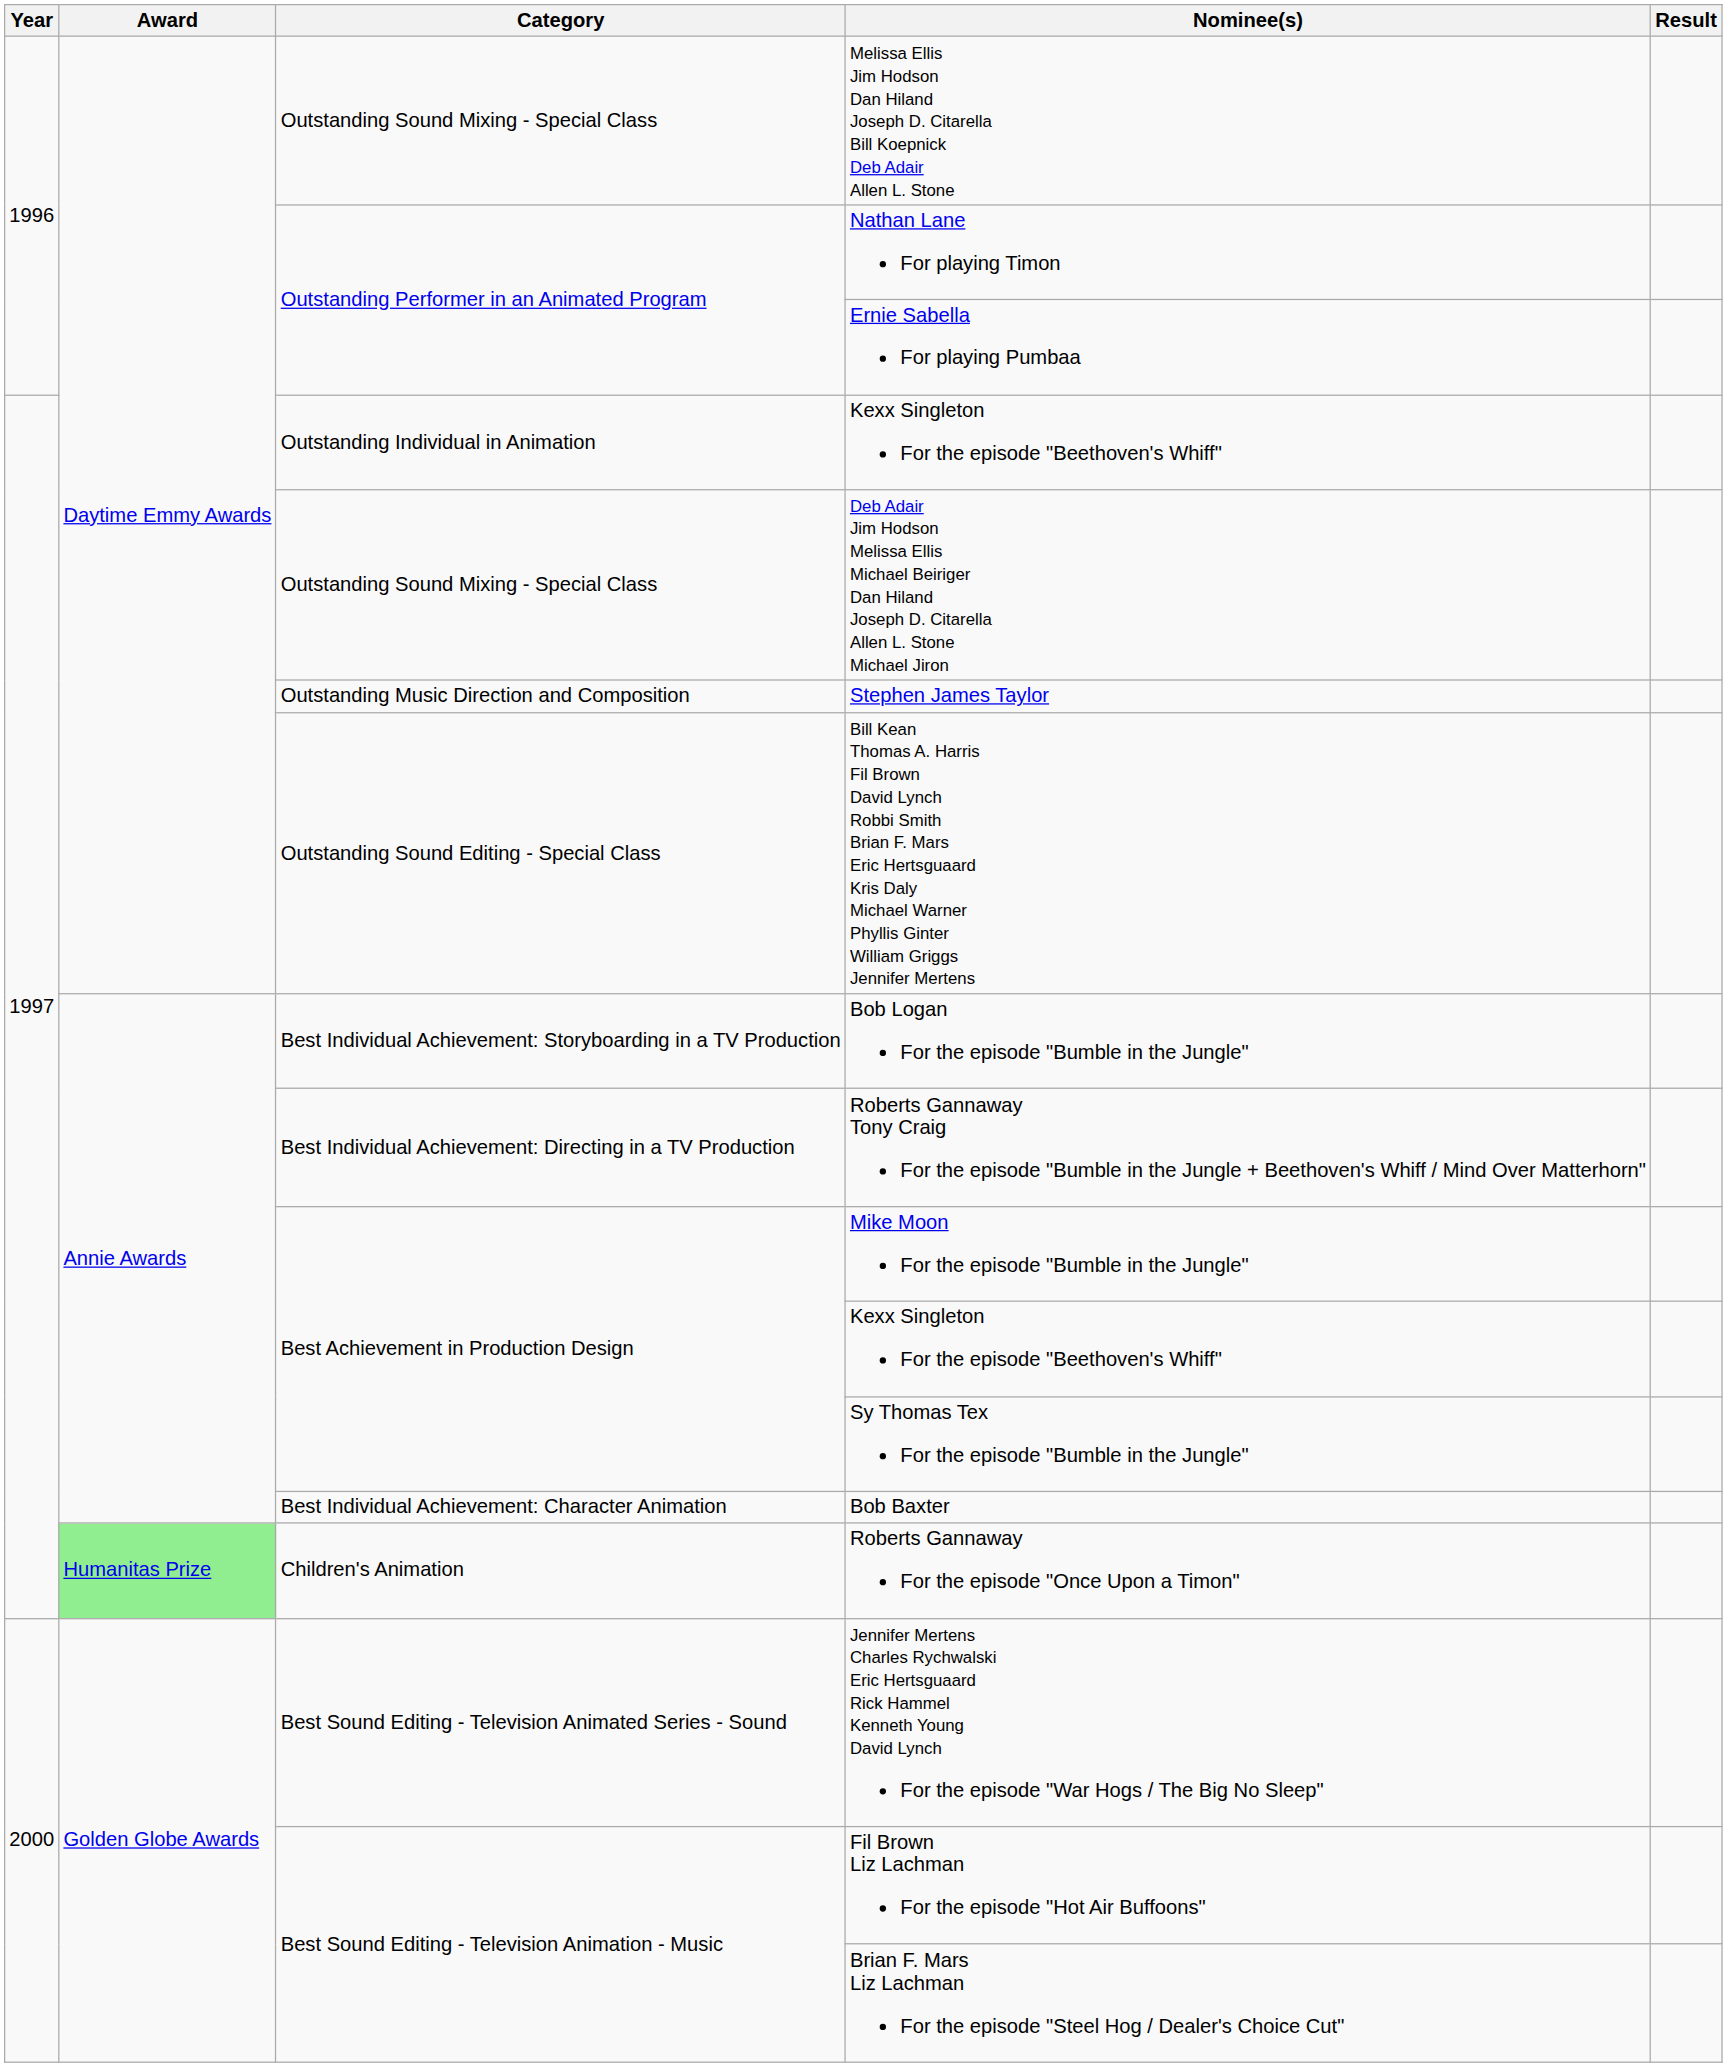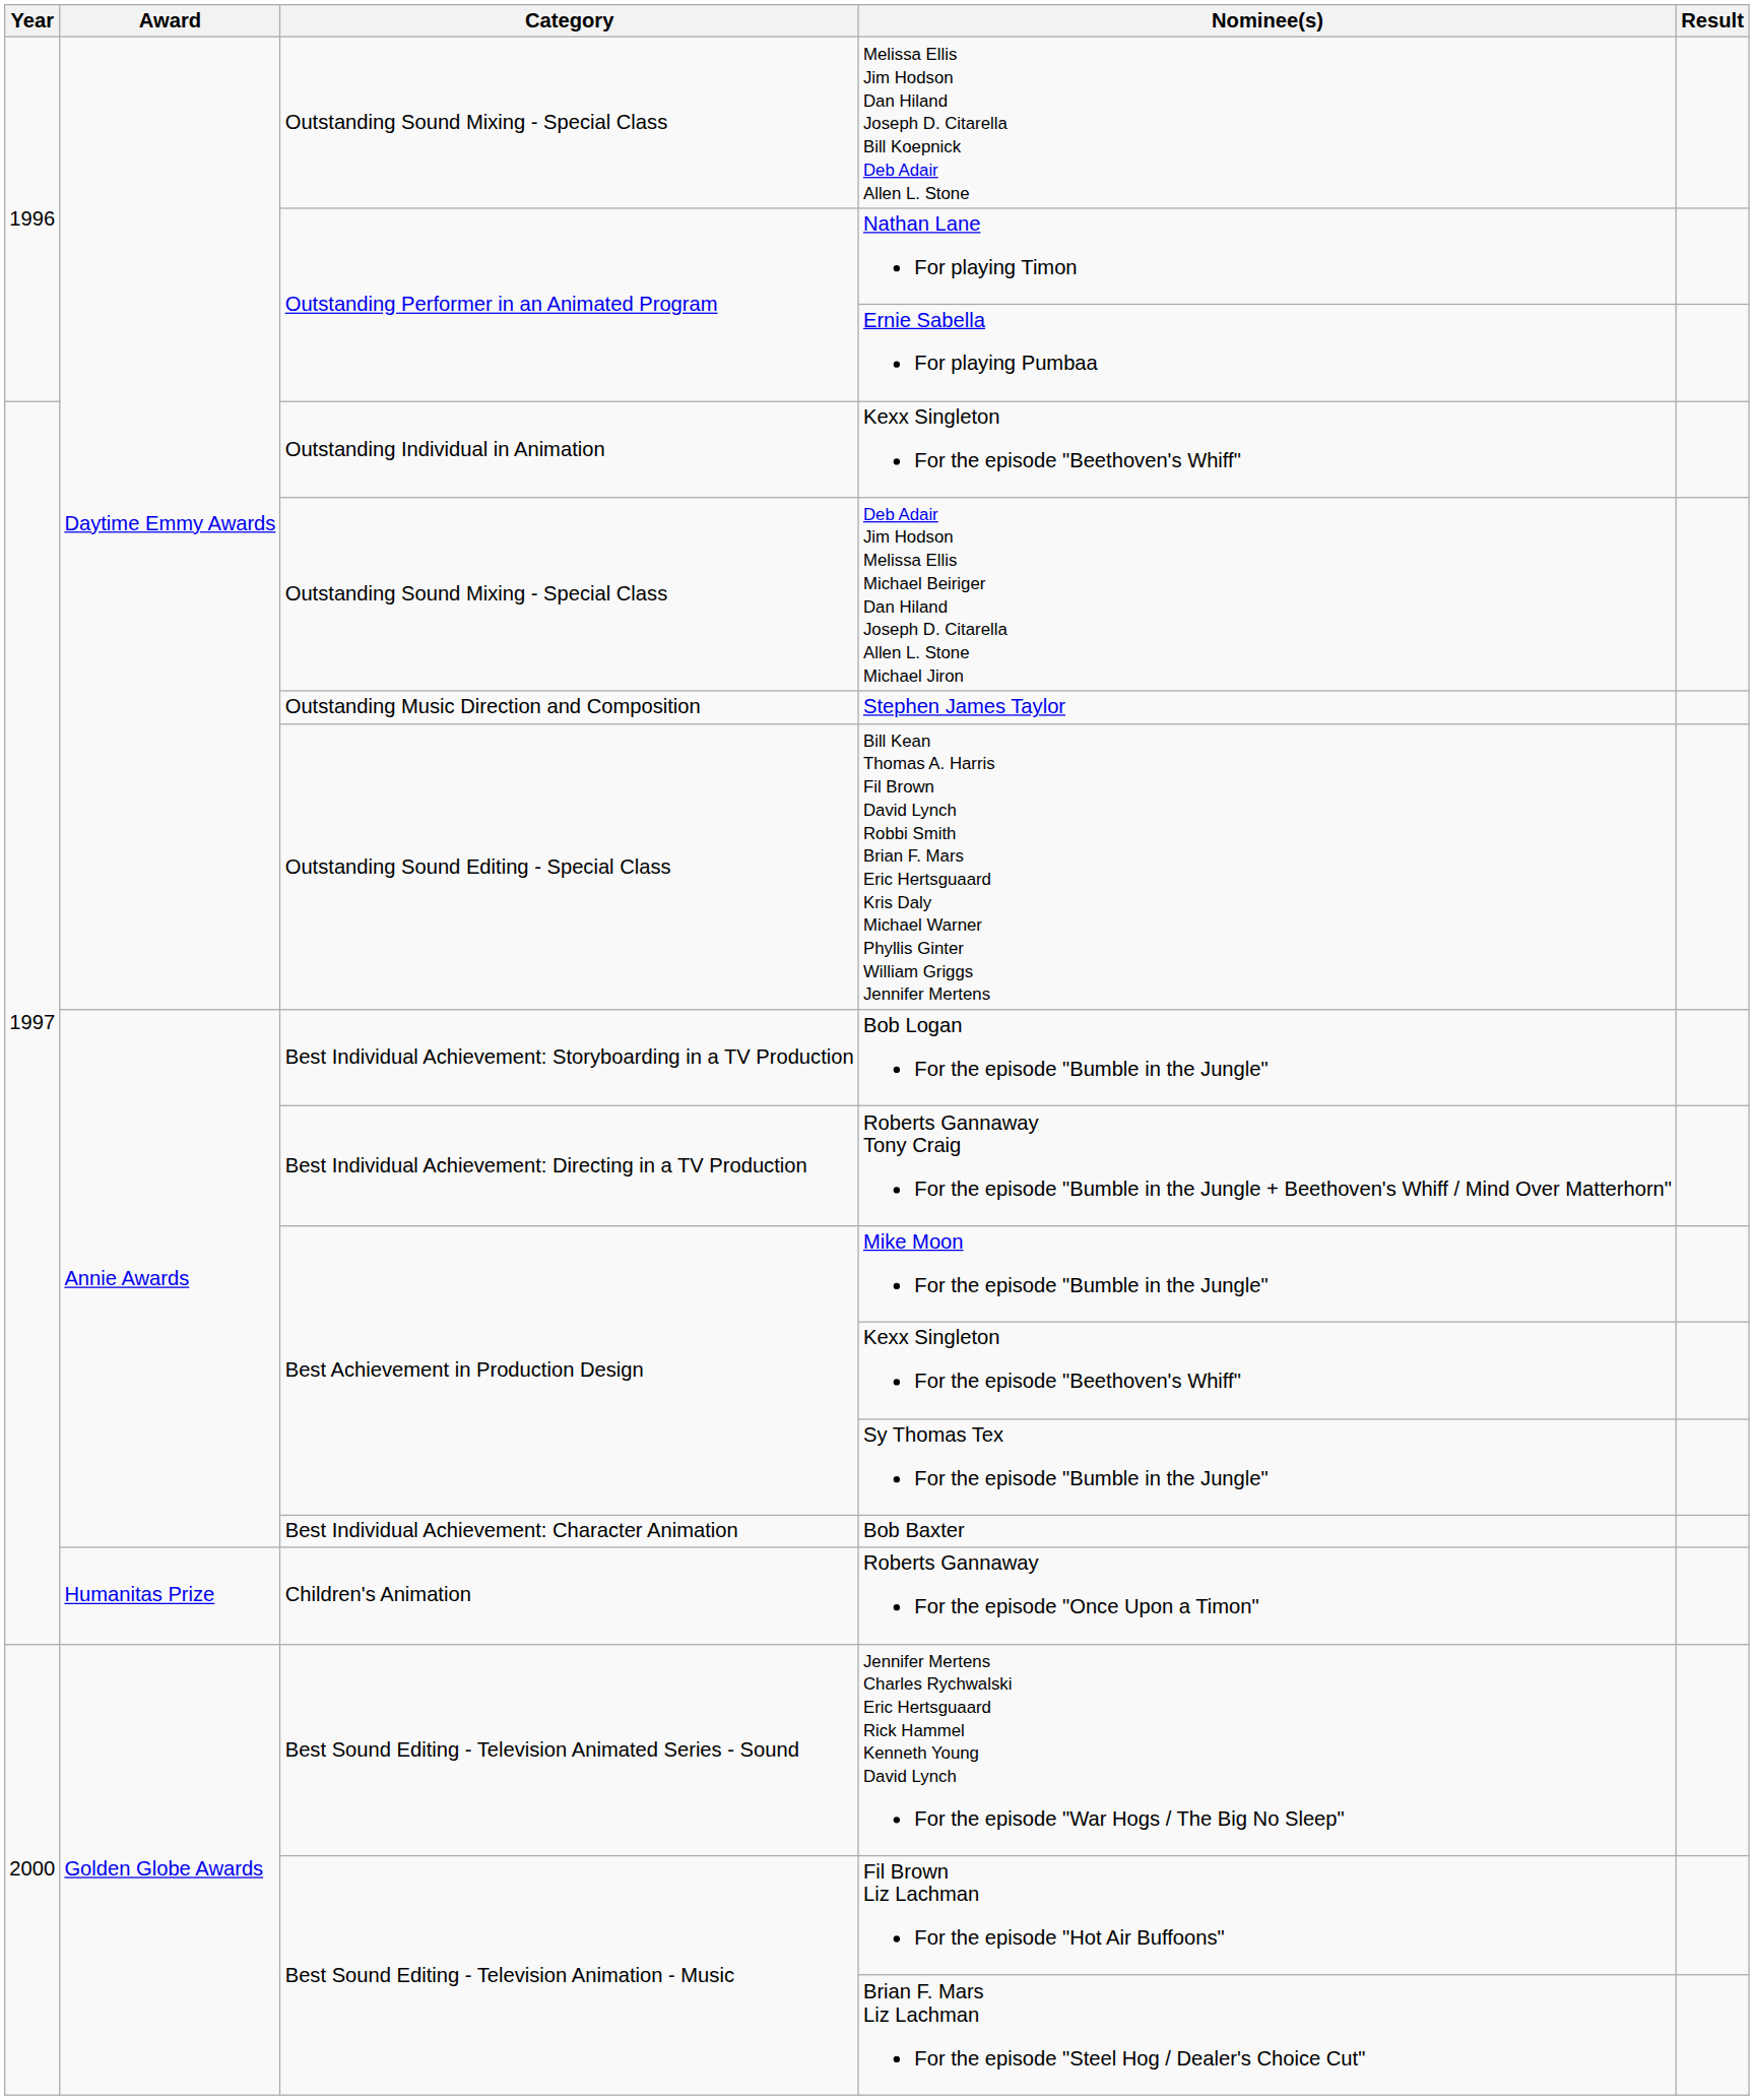 <table class="wikitable">
 <tr>
 <th>Year</th>
 <th>Award</th>
 <th>Category</th>
 <th>Nominee(s)</th>
 <th>Result</th>
 </tr>
 <tr>
 <td rowspan="3">1996</td>
 <td rowspan="7"><a href='#'>Daytime Emmy Awards</a></td>
 <td>Outstanding Sound Mixing - Special Class</td>
 <td><small>Melissa Ellis</small><br><small>Jim Hodson</small><br><small>Dan Hiland</small><br><small>Joseph D. Citarella</small><br><small>Bill Koepnick</small><br><small><a href='#'>Deb Adair</a></small><br><small>Allen L. Stone</small></td>
 <td></td>
 </tr>
 <tr>
 <td rowspan="2"><a href='#'>Outstanding Performer in an Animated Program</a></td>
 <td><a href='#'>Nathan Lane</a><br><ul><li>For playing Timon</li></ul></td>
 <td></td>
 </tr>
 <tr>
 <td><a href='#'>Ernie Sabella</a><br><ul><li>For playing Pumbaa</li></ul></td>
 <td></td>
 </tr>
 <tr>
 <td rowspan="11">1997</td>
 <td>Outstanding Individual in Animation</td>
 <td>Kexx Singleton<br><ul><li>For the episode "Beethoven's Whiff"</li></ul></td>
 <td></td>
 </tr>
 <tr>
 <td>Outstanding Sound Mixing - Special Class</td>
 <td><small><a href='#'>Deb Adair</a></small><br><small>Jim Hodson</small><br><small>Melissa Ellis</small><br><small>Michael Beiriger</small><br><small>Dan Hiland</small><br><small>Joseph D. Citarella</small><br><small>Allen L. Stone</small><br><small>Michael Jiron</small></td>
 <td></td>
 </tr>
 <tr>
 <td>Outstanding Music Direction and Composition</td>
 <td><a href='#'>Stephen James Taylor</a></td>
 <td></td>
 </tr>
 <tr>
 <td>Outstanding Sound Editing - Special Class</td>
 <td><small>Bill Kean</small><br><small>Thomas A. Harris</small><br><small>Fil Brown</small><br><small>David Lynch</small><br><small>Robbi Smith</small><br><small>Brian F. Mars</small><br><small>Eric Hertsguaard</small><br><small>Kris Daly</small><br><small>Michael Warner</small><br><small>Phyllis Ginter</small><br><small>William Griggs</small><br><small>Jennifer Mertens</small></td>
 <td></td>
 </tr>
 <tr>
 <td rowspan="6"><a href='#'>Annie Awards</a></td>
 <td>Best Individual Achievement: Storyboarding in a TV Production</td>
 <td>Bob Logan<br><ul><li>For the episode "Bumble in the Jungle"</li></ul></td>
 <td></td>
 </tr>
 <tr>
 <td>Best Individual Achievement: Directing in a TV Production</td>
 <td>Roberts Gannaway<br>Tony Craig<br><ul><li>For the episode "Bumble in the Jungle + Beethoven's Whiff / Mind Over Matterhorn"</li></ul></td>
 <td></td>
 </tr>
 <tr>
 <td rowspan="3">Best Achievement in Production Design</td>
 <td><a href='#'>Mike Moon</a><br><ul><li>For the episode "Bumble in the Jungle"</li></ul></td>
 <td></td>
 </tr>
 <tr>
 <td>Kexx Singleton<br><ul><li>For the episode "Beethoven's Whiff"</li></ul></td>
 <td></td>
 </tr>
 <tr>
 <td>Sy Thomas Tex<br><ul><li>For the episode "Bumble in the Jungle"</li></ul></td>
 <td></td>
 </tr>
 <tr>
 <td>Best Individual Achievement: Character Animation</td>
 <td>Bob Baxter</td>
 <td></td>
 </tr>
 <tr>
-<td style="background: lightgreen;"><a href='#'>Humanitas Prize</a></td>
+<td><a href='#'>Humanitas Prize</a></td>
 <td>Children's Animation</td>
 <td>Roberts Gannaway<br><ul><li>For the episode "Once Upon a Timon"</li></ul></td>
 <td></td>
 </tr>
 <tr>
 <td rowspan="3">2000</td>
 <td rowspan="3"><a href='#'>Golden Globe Awards</a></td>
 <td>Best Sound Editing - Television Animated Series - Sound</td>
 <td><small>Jennifer Mertens</small><br><small>Charles Rychwalski</small><br><small>Eric Hertsguaard</small><br><small>Rick Hammel</small><br><small>Kenneth Young</small><br><small>David Lynch</small><ul><li>For the episode "War Hogs / The Big No Sleep"</li></ul></td>
 <td></td>
 </tr>
 <tr>
 <td rowspan="2">Best Sound Editing - Television Animation - Music</td>
 <td>Fil Brown<br>Liz Lachman<br><ul><li>For the episode "Hot Air Buffoons"</li></ul></td>
 <td></td>
 </tr>
 <tr>
 <td>Brian F. Mars<br>Liz Lachman<br><ul><li>For the episode "Steel Hog / Dealer's Choice Cut"</li></ul></td>
 <td></td>
 </tr>
 </table>
